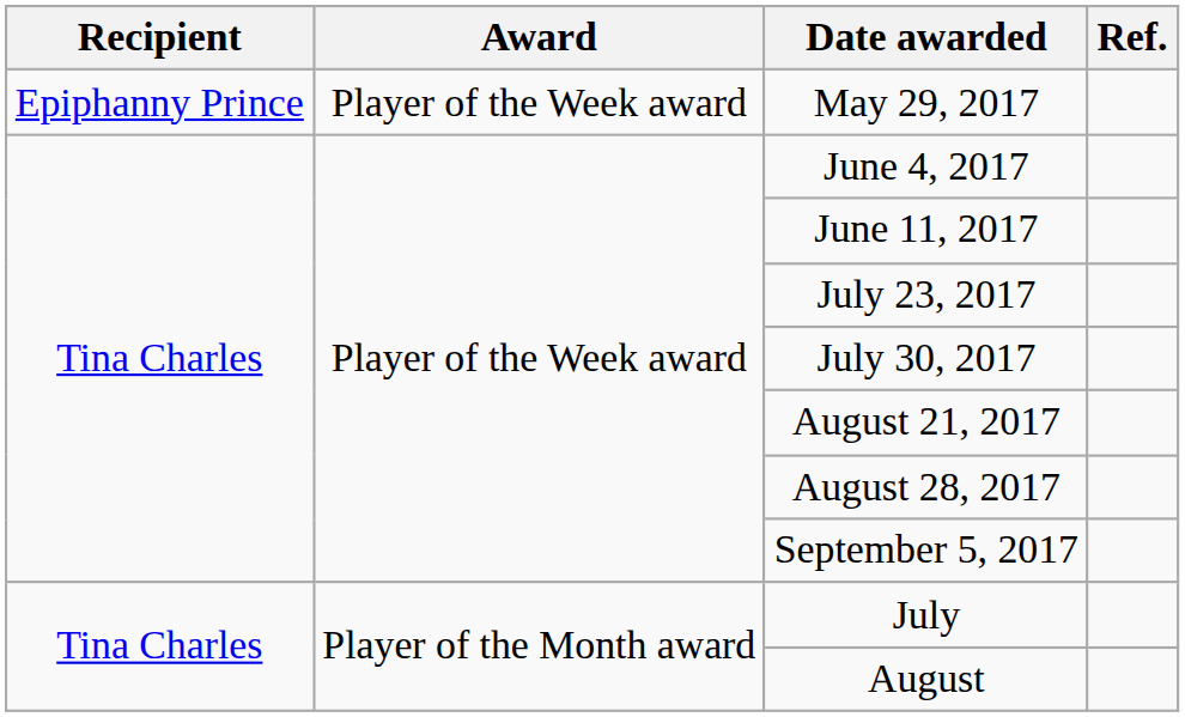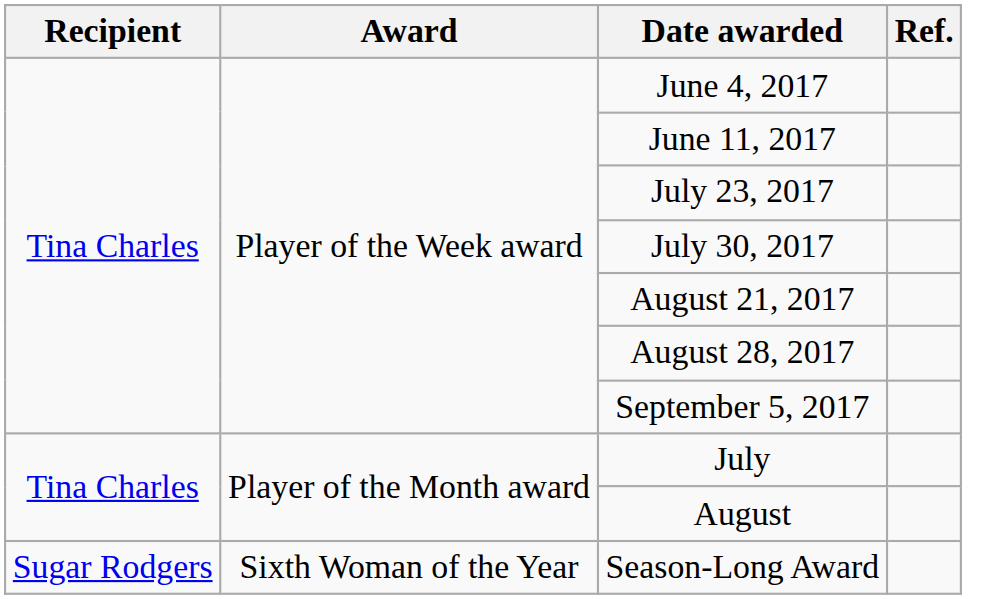 <table class="wikitable sortable sortable" style="text-align: center">
 <tr>
 <th>Recipient</th>
 <th>Award</th>
 <th>Date awarded</th>
 <th>Ref.</th>
-</tr>
-<tr>
-<td><a href='#'>Epiphanny Prince</a></td>
-<td>Player of the Week award</td>
-<td>May 29, 2017</td>
-<td></td>
 </tr>
 <tr>
 <td rowspan="7"><a href='#'>Tina Charles</a></td>
 <td rowspan="7">Player of the Week award</td>
 <td>June 4, 2017</td>
 <td></td>
 </tr>
 <tr>
 <td>June 11, 2017</td>
 <td></td>
 </tr>
 <tr>
 <td>July 23, 2017</td>
 <td></td>
 </tr>
 <tr>
 <td>July 30, 2017</td>
 <td></td>
 </tr>
 <tr>
 <td>August 21, 2017</td>
 <td></td>
 </tr>
 <tr>
 <td>August 28, 2017</td>
 <td></td>
 </tr>
 <tr>
 <td>September 5, 2017</td>
 <td></td>
 </tr>
 <tr>
 <td rowspan="2"><a href='#'>Tina Charles</a></td>
 <td rowspan="2">Player of the Month award</td>
 <td>July</td>
 <td></td>
 </tr>
 <tr>
 <td>August</td>
 <td></td>
 </tr>
+<tr>
+<td><a href='#'>Sugar Rodgers</a></td>
+<td>Sixth Woman of the Year</td>
+<td>Season-Long Award</td>
+<td></td>
+</tr>
 </table>
